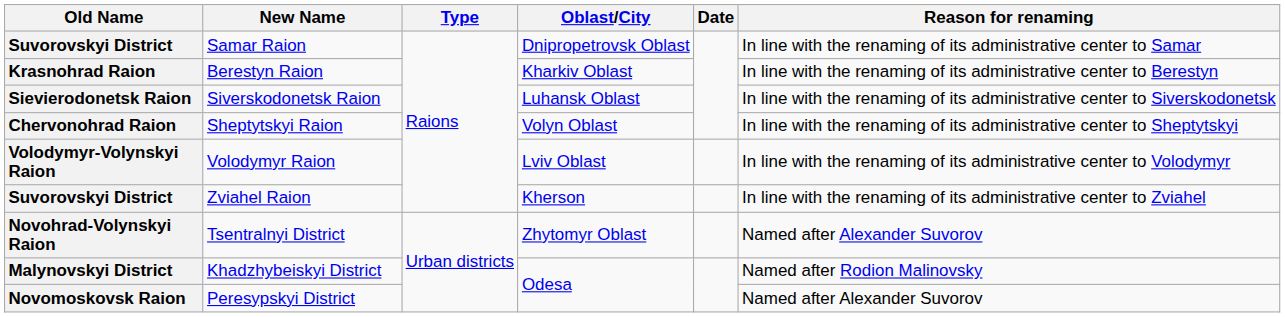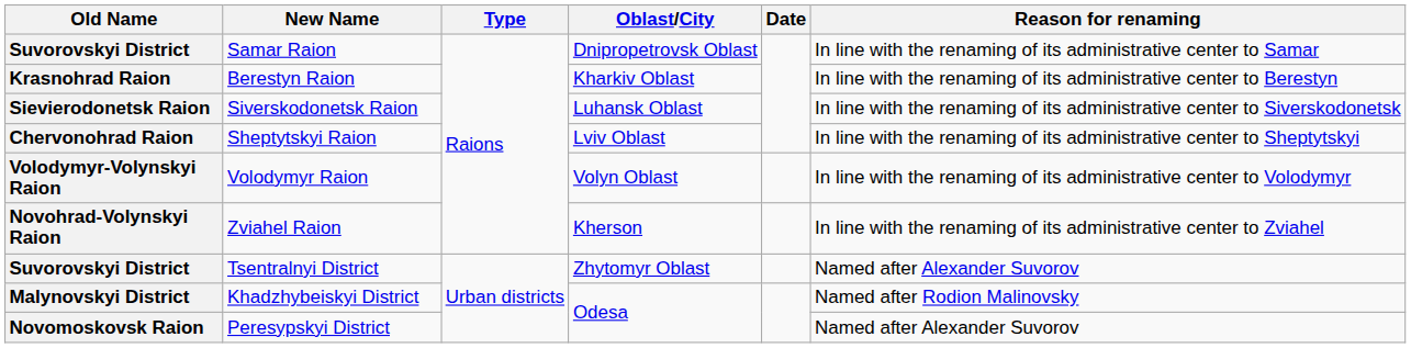 <table class="wikitable sortable sticky-header" id="Table of raions and urban districts" caption="Tabulated list of derussified ">
 <tr>
 <th scope="col" style="width: 180px;">Old Name</th>
 <th scope="col" style="width: 180px;">New Name</th>
 <th scope="col"><a href='#'>Type</a></th>
 <th scope="col"><a href='#'>Oblast</a>/<a href='#'>City</a></th>
 <th scope="col" style="width: 10px;">Date</th>
 <th scope="col">Reason for renaming</th>
 </tr>
 <tr>
 <th scope="row" style="text-align:left">Suvorovskyi District<br></th>
 <td align=left><a href='#'>Samar Raion</a><br></td>
 <td align=left rowspan=6 id="Raions"><a href='#'>Raions</a></td>
 <td align=left><a href='#'>Dnipropetrovsk Oblast</a></td>
 <td align=left rowspan=4></td>
 <td>In line with the renaming of its administrative center to <a href='#'>Samar</a></td>
 </tr>
 <tr>
 <th scope="row" style="text-align:left">Krasnohrad Raion<br></th>
 <td align=left><a href='#'>Berestyn Raion</a><br></td>
 <td align=left><a href='#'>Kharkiv Oblast</a></td>
 <td>In line with the renaming of its administrative center to <a href='#'>Berestyn</a></td>
 </tr>
 <tr>
 <th scope="row" style="text-align:left">Sievierodonetsk Raion<br></th>
 <td align=left><a href='#'>Siverskodonetsk Raion</a><br></td>
 <td align=left><a href='#'>Luhansk Oblast</a></td>
 <td>In line with the renaming of its administrative center to <a href='#'>Siverskodonetsk</a></td>
 </tr>
 <tr>
 <th scope="row" style="text-align:left">Chervonohrad Raion<br></th>
 <td align=left><a href='#'>Sheptytskyi Raion</a><br></td>
-<td align=left><a href='#'>Volyn Oblast</a></td>
+<td align=left><a href='#'>Lviv Oblast</a></td>
 <td>In line with the renaming of its administrative center to <a href='#'>Sheptytskyi</a></td>
 </tr>
 <tr>
 <th scope="row" style="text-align:left">Volodymyr-Volynskyi Raion<br></th>
 <td align=left><a href='#'>Volodymyr Raion</a><br></td>
-<td align=left><a href='#'>Lviv Oblast</a></td>
+<td align=left><a href='#'>Volyn Oblast</a></td>
 <td align=left></td>
 <td>In line with the renaming of its administrative center to <a href='#'>Volodymyr</a></td>
 </tr>
 <tr>
-<th scope="row" style="text-align:left">Suvorovskyi District<br></th>
+<th scope="row" style="text-align:left">Novohrad-Volynskyi Raion<br></th>
 <td align=left><a href='#'>Zviahel Raion</a><br></td>
 <td align=left><a href='#'>Kherson</a></td>
 <td align=left></td>
 <td>In line with the renaming of its administrative center to <a href='#'>Zviahel</a></td>
 </tr>
 <tr>
-<th scope="row" style="text-align:left">Novohrad-Volynskyi Raion<br></th>
+<th scope="row" style="text-align:left">Suvorovskyi District<br></th>
 <td align=left><a href='#'>Tsentralnyi District</a><br></td>
 <td align=left rowspan=3 id="Urban districts"><a href='#'>Urban districts</a></td>
 <td align=left><a href='#'>Zhytomyr Oblast</a></td>
 <td align=left></td>
 <td>Named after <a href='#'>Alexander Suvorov</a></td>
 </tr>
 <tr>
 <th scope="row" style="text-align:left">Malynovskyi District<br></th>
 <td align=left><a href='#'>Khadzhybeiskyi District</a><br></td>
 <td align=left rowspan=2><a href='#'>Odesa</a></td>
 <td align=left rowspan=2></td>
 <td>Named after <a href='#'>Rodion Malinovsky</a></td>
 </tr>
 <tr>
 <th scope="row" style="text-align:left">Novomoskovsk Raion<br></th>
 <td align=left><a href='#'>Peresypskyi District</a><br></td>
 <td>Named after Alexander Suvorov</td>
 </tr>
 </table>
